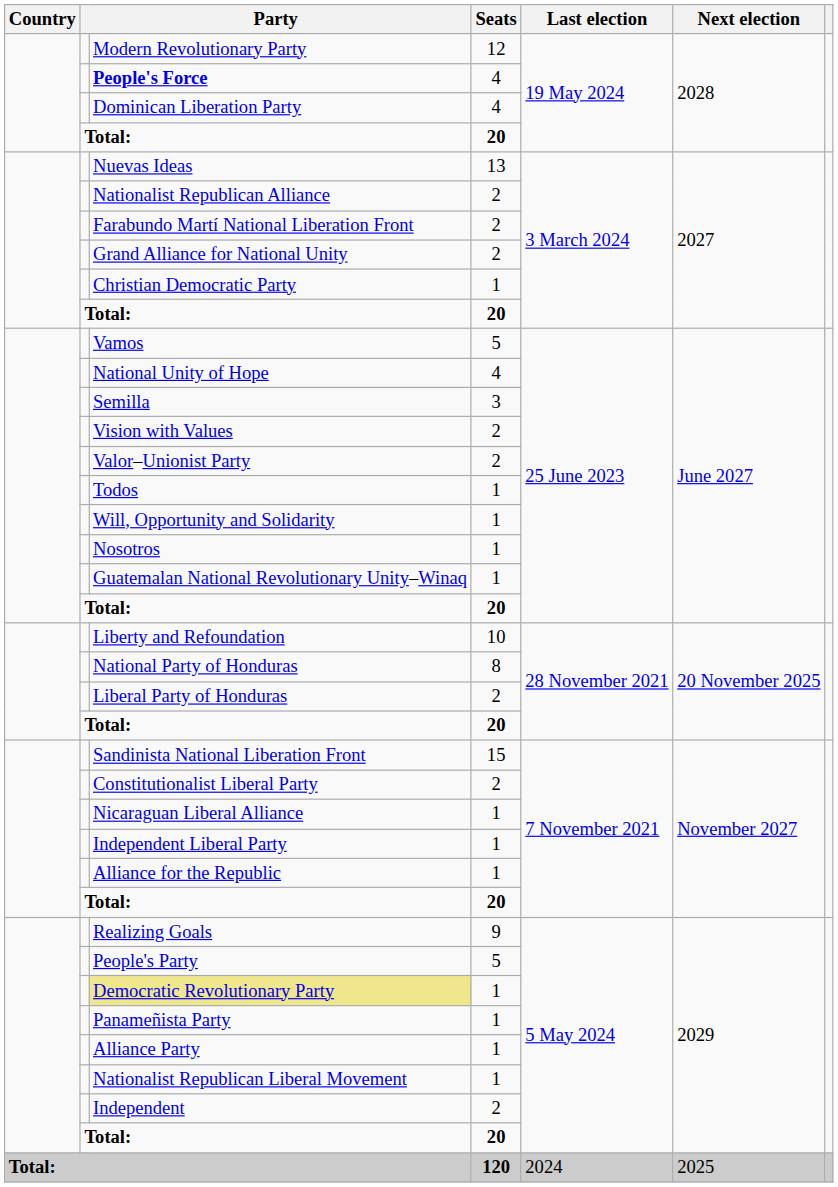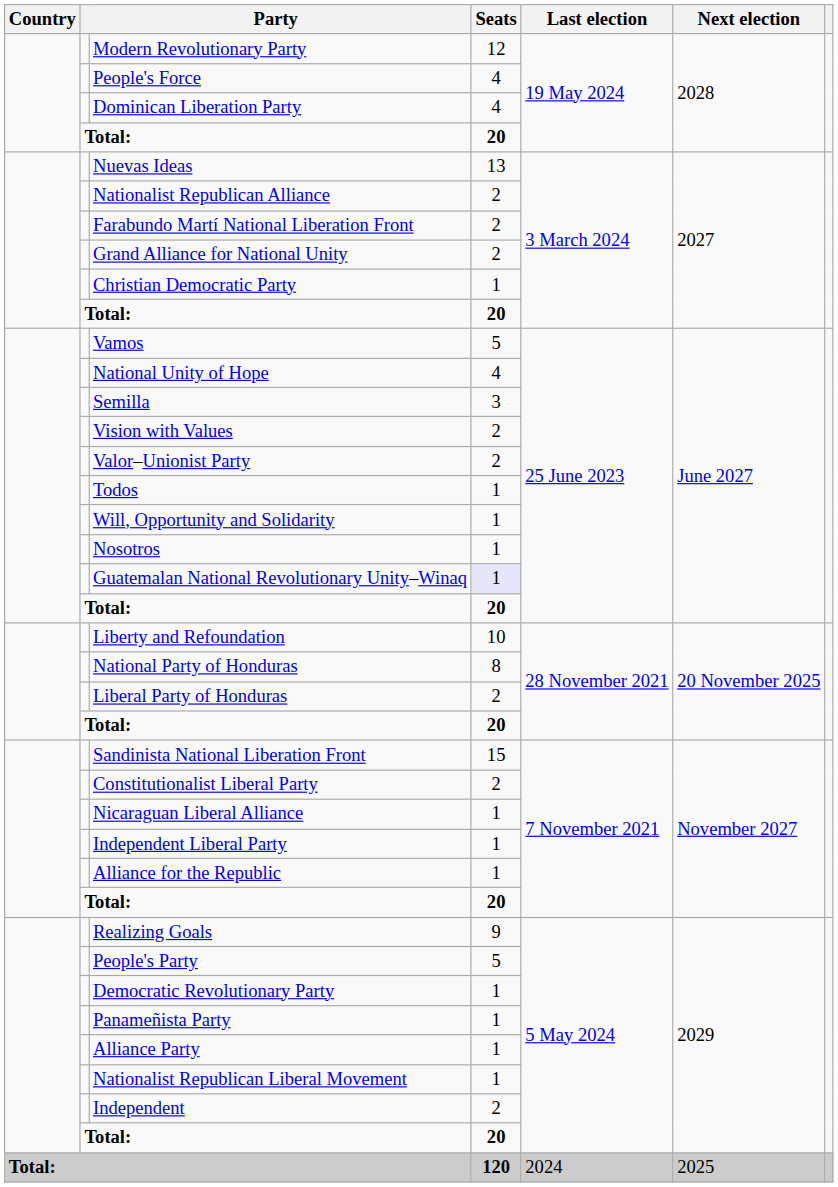 <table class="wikitable">
 <tr>
 <th>Country</th>
 <th colspan="2">Party</th>
 <th>Seats</th>
 <th>Last election</th>
 <th>Next election</th>
 <th></th>
 </tr>
 <tr>
 <td rowspan="4"></td>
 <td style="background-color:"></td>
 <td><a href='#'>Modern Revolutionary Party</a></td>
 <td align="center">12</td>
 <td rowspan="4"><a href='#'>19 May 2024</a></td>
 <td rowspan="4">2028</td>
 <td rowspan="4" align="center"></td>
 </tr>
 <tr>
 <td style="background-color:"></td>
-<td><strong><a href='#'>People's Force</a></strong></td>
+<td><a href='#'>People's Force</a></td>
 <td align="center">4</td>
 </tr>
 <tr>
 <td style="background-color:"></td>
 <td><a href='#'>Dominican Liberation Party</a></td>
 <td align="center">4</td>
 </tr>
 <tr>
 <td colspan="2"><strong>Total:</strong></td>
 <td align="center"><strong>20</strong></td>
 </tr>
 <tr>
 <td rowspan="6"></td>
 <td style="background-color:"></td>
 <td><a href='#'>Nuevas Ideas</a></td>
 <td align="center">13</td>
 <td rowspan="6"><a href='#'>3 March 2024</a></td>
 <td rowspan="6">2027</td>
 <td rowspan="6" align="center"></td>
 </tr>
 <tr>
 <td style="background-color:"></td>
 <td><a href='#'>Nationalist Republican Alliance</a></td>
 <td align="center">2</td>
 </tr>
 <tr>
 <td style="background-color:"></td>
 <td><a href='#'>Farabundo Martí National Liberation Front</a></td>
 <td align="center">2</td>
 </tr>
 <tr>
 <td style="background-color:"></td>
 <td><a href='#'>Grand Alliance for National Unity</a></td>
 <td align="center">2</td>
 </tr>
 <tr>
 <td style="background-color:"></td>
 <td><a href='#'>Christian Democratic Party</a></td>
 <td align="center">1</td>
 </tr>
 <tr>
 <td colspan="2"><strong>Total:</strong></td>
 <td align="center"><strong>20</strong></td>
 </tr>
 <tr>
 <td rowspan="10"></td>
 <td style="background-color:"></td>
 <td><a href='#'>Vamos</a></td>
 <td align="center">5</td>
 <td rowspan="10"><a href='#'>25 June 2023</a></td>
 <td rowspan="10"><a href='#'>June 2027</a></td>
 <td rowspan="10" align="center"></td>
 </tr>
 <tr>
 <td style="background-color:"></td>
 <td><a href='#'>National Unity of Hope</a></td>
 <td align="center">4</td>
 </tr>
 <tr>
 <td style="background-color:"></td>
 <td><a href='#'>Semilla</a></td>
 <td align="center">3</td>
 </tr>
 <tr>
 <td style="background-color:"></td>
 <td><a href='#'>Vision with Values</a></td>
 <td align="center">2</td>
 </tr>
 <tr>
 <td style="background-color:"></td>
 <td><a href='#'>Valor</a>–<a href='#'>Unionist Party</a></td>
 <td align="center">2</td>
 </tr>
 <tr>
 <td style="background-color:"></td>
 <td><a href='#'>Todos</a></td>
 <td align="center">1</td>
 </tr>
 <tr>
 <td style="background-color:"></td>
 <td><a href='#'>Will, Opportunity and Solidarity</a></td>
 <td align="center">1</td>
 </tr>
 <tr>
 <td style="background-color:"></td>
 <td><a href='#'>Nosotros</a></td>
 <td align="center">1</td>
 </tr>
 <tr>
 <td style="background-color:"></td>
 <td><a href='#'>Guatemalan National Revolutionary Unity</a>–<a href='#'>Winaq</a></td>
-<td align="center">1</td>
+<td align="center" style="background: lavender;">1</td>
 </tr>
 <tr>
 <td colspan="2"><strong>Total:</strong></td>
 <td align="center"><strong>20</strong></td>
 </tr>
 <tr>
 <td rowspan="4"></td>
 <td style="background-color:"></td>
 <td><a href='#'>Liberty and Refoundation</a></td>
 <td align="center">10</td>
 <td rowspan="4"><a href='#'>28 November 2021</a></td>
 <td rowspan="4"><a href='#'>20 November 2025</a></td>
 <td rowspan="4" align="center"></td>
 </tr>
 <tr>
 <td style="background-color:"></td>
 <td><a href='#'>National Party of Honduras</a></td>
 <td align="center">8</td>
 </tr>
 <tr>
 <td style="background-color:"></td>
 <td><a href='#'>Liberal Party of Honduras</a></td>
 <td align="center">2</td>
 </tr>
 <tr>
 <td colspan="2"><strong>Total:</strong></td>
 <td align="center"><strong>20</strong></td>
 </tr>
 <tr>
 <td rowspan="6"></td>
 <td style="background-color:"></td>
 <td><a href='#'>Sandinista National Liberation Front</a></td>
 <td align="center">15</td>
 <td rowspan="6"><a href='#'>7 November 2021</a></td>
 <td rowspan="6"><a href='#'>November 2027</a></td>
 <td rowspan="6" align="center"></td>
 </tr>
 <tr>
 <td style="background-color:"></td>
 <td><a href='#'>Constitutionalist Liberal Party</a></td>
 <td align="center">2</td>
 </tr>
 <tr>
 <td style="background-color:"></td>
 <td><a href='#'>Nicaraguan Liberal Alliance</a></td>
 <td align="center">1</td>
 </tr>
 <tr>
 <td style="background-color:"></td>
 <td><a href='#'>Independent Liberal Party</a></td>
 <td align="center">1</td>
 </tr>
 <tr>
 <td style="background-color:"></td>
 <td><a href='#'>Alliance for the Republic</a></td>
 <td align="center">1</td>
 </tr>
 <tr>
 <td colspan="2"><strong>Total:</strong></td>
 <td align="center"><strong>20</strong></td>
 </tr>
 <tr>
 <td rowspan="8"></td>
 <td style="background-color:"></td>
 <td><a href='#'>Realizing Goals</a></td>
 <td align="center">9</td>
 <td rowspan="8"><a href='#'>5 May 2024</a></td>
 <td rowspan="8">2029</td>
 <td rowspan="8" align="center"></td>
 </tr>
 <tr>
 <td style="background-color:"></td>
 <td><a href='#'>People's Party</a></td>
 <td align="center">5</td>
 </tr>
 <tr>
 <td style="background-color:"></td>
-<td style="background: khaki;"><a href='#'>Democratic Revolutionary Party</a></td>
+<td><a href='#'>Democratic Revolutionary Party</a></td>
 <td align="center">1</td>
 </tr>
 <tr>
 <td style="background-color:"></td>
 <td><a href='#'>Panameñista Party</a></td>
 <td align="center">1</td>
 </tr>
 <tr>
 <td style="background-color:"></td>
 <td><a href='#'>Alliance Party</a></td>
 <td align="center">1</td>
 </tr>
 <tr>
 <td style="background-color:"></td>
 <td><a href='#'>Nationalist Republican Liberal Movement</a></td>
 <td align="center">1</td>
 </tr>
 <tr>
 <td style="background-color:"></td>
 <td><a href='#'>Independent</a></td>
 <td align="center">2</td>
 </tr>
 <tr>
 <td colspan="2"><strong>Total:</strong></td>
 <td align="center"><strong>20</strong></td>
 </tr>
 <tr style="background-color:#ccc">
 <td colspan="3"><strong>Total:</strong></td>
 <td align="center"><strong>120</strong></td>
 <td> 2024</td>
 <td> 2025</td>
 <td></td>
 </tr>
 </table>
